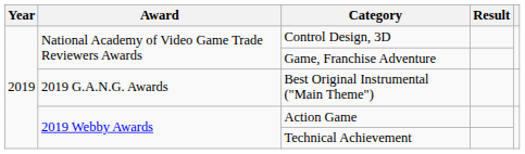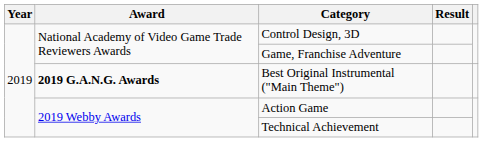 <table class="wikitable sortable">
 <tr>
 <th>Year</th>
 <th>Award</th>
 <th>Category</th>
 <th>Result</th>
 <th></th>
 </tr>
 <tr>
 <td style="text-align:center;" rowspan="5">2019</td>
 <td rowspan="2">National Academy of Video Game Trade Reviewers Awards</td>
 <td>Control Design, 3D</td>
 <td></td>
 <td rowspan="2" style="text-align:center;"></td>
 </tr>
 <tr>
 <td>Game, Franchise Adventure</td>
 <td></td>
 </tr>
 <tr>
-<td>2019 G.A.N.G. Awards</td>
+<td><strong>2019 G.A.N.G. Awards</strong></td>
 <td>Best Original Instrumental ("Main Theme")</td>
 <td></td>
 <td style="text-align:center;"></td>
 </tr>
 <tr>
 <td rowspan="2"><a href='#'>2019 Webby Awards</a></td>
 <td>Action Game</td>
 <td></td>
 <td rowspan="2" style="text-align:center;"></td>
 </tr>
 <tr>
 <td>Technical Achievement</td>
 <td></td>
 </tr>
 </table>
